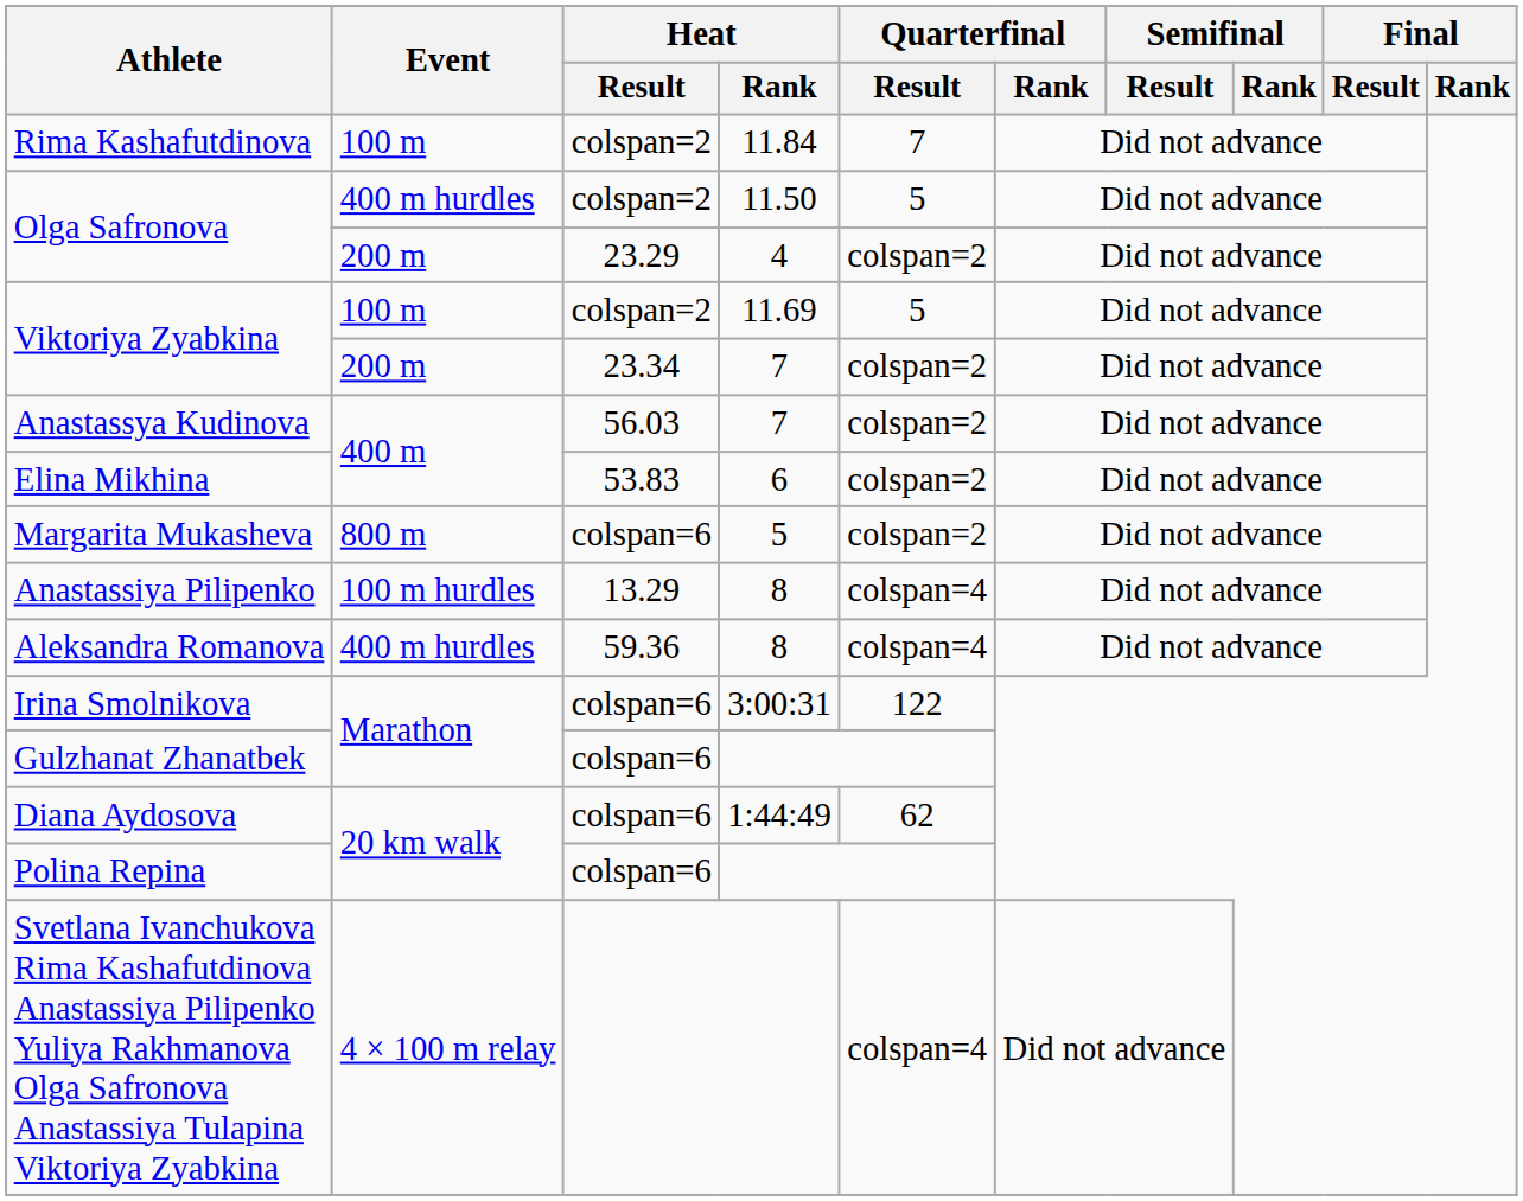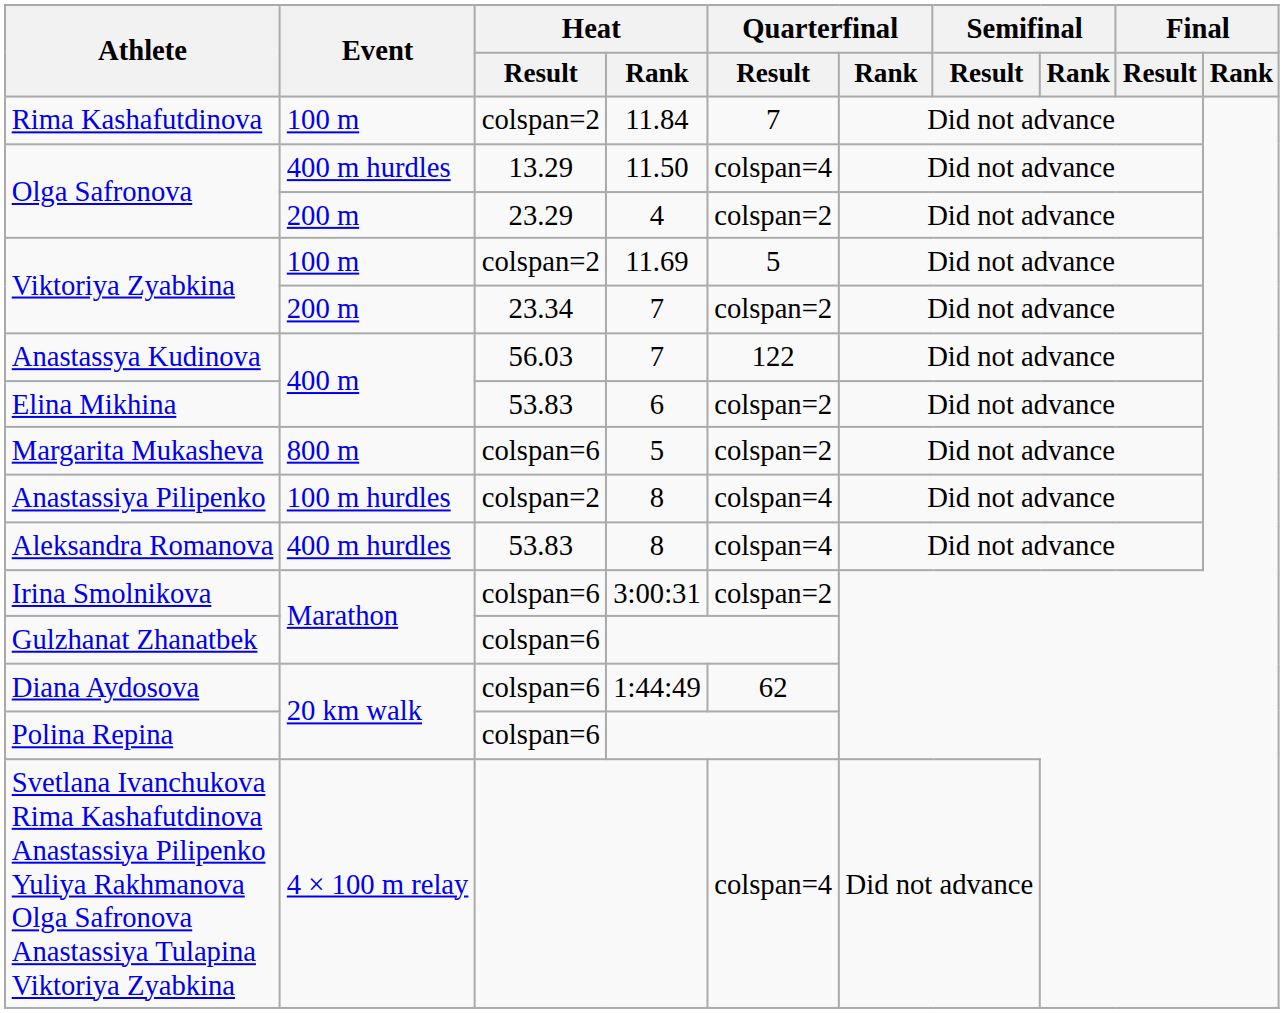 <table class="wikitable" style="font-size:90%">
 <tr>
 <th rowspan="2">Athlete</th>
 <th rowspan="2">Event</th>
 <th colspan="2">Heat</th>
 <th colspan="2">Quarterfinal</th>
 <th colspan="2">Semifinal</th>
 <th colspan="2">Final</th>
 </tr>
 <tr style="font-size:95%">
 <th>Result</th>
 <th>Rank</th>
 <th>Result</th>
 <th>Rank</th>
 <th>Result</th>
 <th>Rank</th>
 <th>Result</th>
 <th>Rank</th>
 </tr>
 <tr align=center>
 <td align=left><a href='#'>Rima Kashafutdinova</a></td>
 <td align=left><a href='#'>100 m</a></td>
 <td>colspan=2 </td>
 <td>11.84</td>
 <td>7</td>
 <td colspan=4>Did not advance</td>
 </tr>
 <tr align=center>
 <td align=left rowspan=2><a href='#'>Olga Safronova</a></td>
 <td align=left><a href='#'>400 m hurdles</a></td>
-<td>colspan=2 </td>
+<td>13.29</td>
 <td>11.50</td>
-<td>5</td>
+<td>colspan=4 </td>
 <td colspan=4>Did not advance</td>
 </tr>
 <tr align=center>
 <td align=left><a href='#'>200 m</a></td>
 <td>23.29</td>
 <td>4</td>
 <td>colspan=2 </td>
 <td colspan=4>Did not advance</td>
 </tr>
 <tr align=center>
 <td align=left rowspan=2><a href='#'>Viktoriya Zyabkina</a></td>
 <td align=left><a href='#'>100 m</a></td>
 <td>colspan=2 </td>
 <td>11.69</td>
 <td>5</td>
 <td colspan=4>Did not advance</td>
 </tr>
 <tr align=center>
 <td align=left><a href='#'>200 m</a></td>
 <td>23.34</td>
 <td>7</td>
 <td>colspan=2 </td>
 <td colspan=4>Did not advance</td>
 </tr>
 <tr align=center>
 <td align=left><a href='#'>Anastassya Kudinova</a></td>
 <td align=left rowspan=2><a href='#'>400 m</a></td>
 <td>56.03</td>
 <td>7</td>
-<td>colspan=2 </td>
+<td>122</td>
 <td colspan=4>Did not advance</td>
 </tr>
 <tr align=center>
 <td align=left><a href='#'>Elina Mikhina</a></td>
 <td>53.83</td>
 <td>6</td>
 <td>colspan=2 </td>
 <td colspan=4>Did not advance</td>
 </tr>
 <tr align=center>
 <td align=left><a href='#'>Margarita Mukasheva</a></td>
 <td align=left><a href='#'>800 m</a></td>
 <td>colspan=6 </td>
 <td>5</td>
 <td>colspan=2 </td>
 <td colspan=4>Did not advance</td>
 </tr>
 <tr align=center>
 <td align=left><a href='#'>Anastassiya Pilipenko</a></td>
 <td align=left><a href='#'>100 m hurdles</a></td>
-<td>13.29</td>
+<td>colspan=2 </td>
 <td>8</td>
 <td>colspan=4 </td>
 <td colspan=4>Did not advance</td>
 </tr>
 <tr align=center>
 <td align=left><a href='#'>Aleksandra Romanova</a></td>
 <td align=left><a href='#'>400 m hurdles</a></td>
-<td>59.36</td>
+<td>53.83</td>
 <td>8</td>
 <td>colspan=4 </td>
 <td colspan=4>Did not advance</td>
 </tr>
 <tr align=center>
 <td align=left><a href='#'>Irina Smolnikova</a></td>
 <td align=left rowspan=2><a href='#'>Marathon</a></td>
 <td>colspan=6 </td>
 <td>3:00:31</td>
-<td>122</td>
+<td>colspan=2 </td>
 </tr>
 <tr align=center>
 <td align=left><a href='#'>Gulzhanat Zhanatbek</a></td>
 <td>colspan=6 </td>
 <td colspan=2></td>
 </tr>
 <tr align=center>
 <td align=left><a href='#'>Diana Aydosova</a></td>
 <td align=left rowspan=2><a href='#'>20 km walk</a></td>
 <td>colspan=6 </td>
 <td>1:44:49</td>
 <td>62</td>
 </tr>
 <tr align=center>
 <td align=left><a href='#'>Polina Repina</a></td>
 <td>colspan=6 </td>
 <td colspan=2></td>
 </tr>
 <tr align=center>
 <td align=left><a href='#'>Svetlana Ivanchukova</a><br><a href='#'>Rima Kashafutdinova</a><br><a href='#'>Anastassiya Pilipenko</a><br><a href='#'>Yuliya Rakhmanova</a><br><a href='#'>Olga Safronova</a><br><a href='#'>Anastassiya Tulapina</a><br><a href='#'>Viktoriya Zyabkina</a></td>
 <td align=left><a href='#'>4 × 100 m relay</a></td>
 <td colspan=2></td>
 <td>colspan=4 </td>
 <td colspan=2>Did not advance</td>
 </tr>
 </table>
